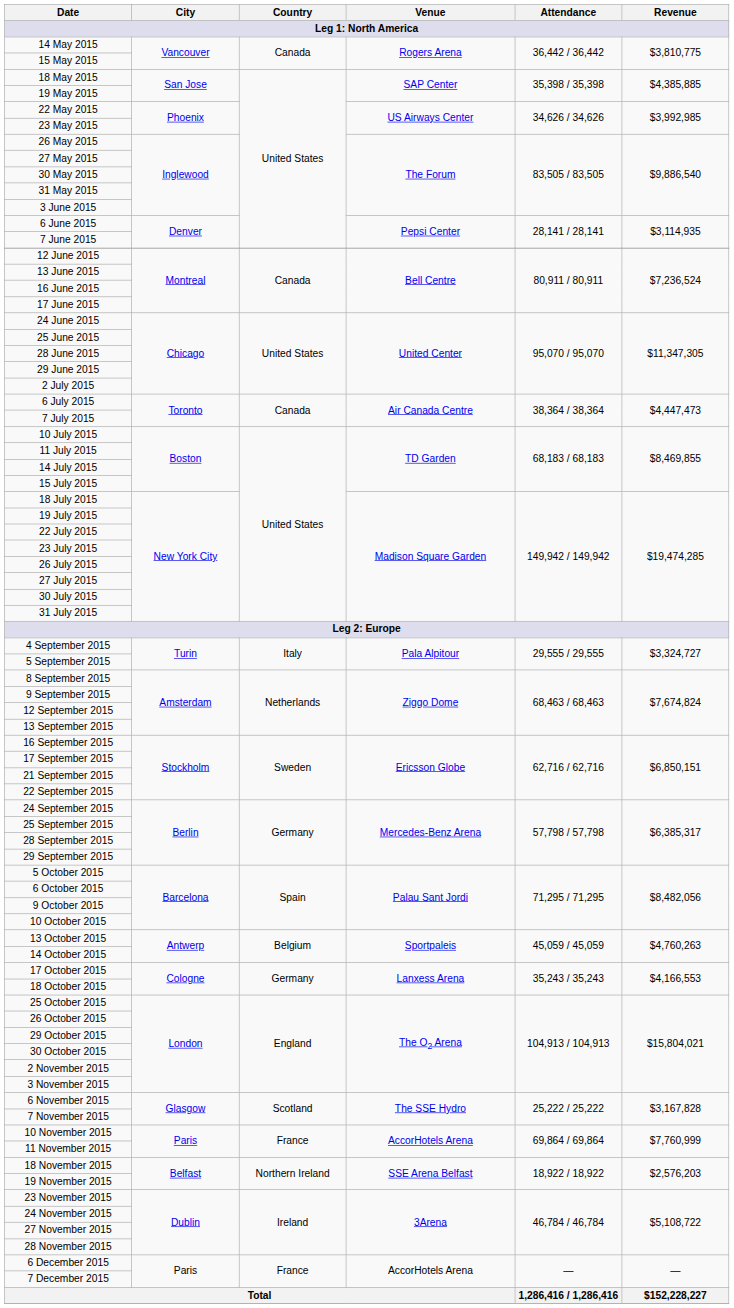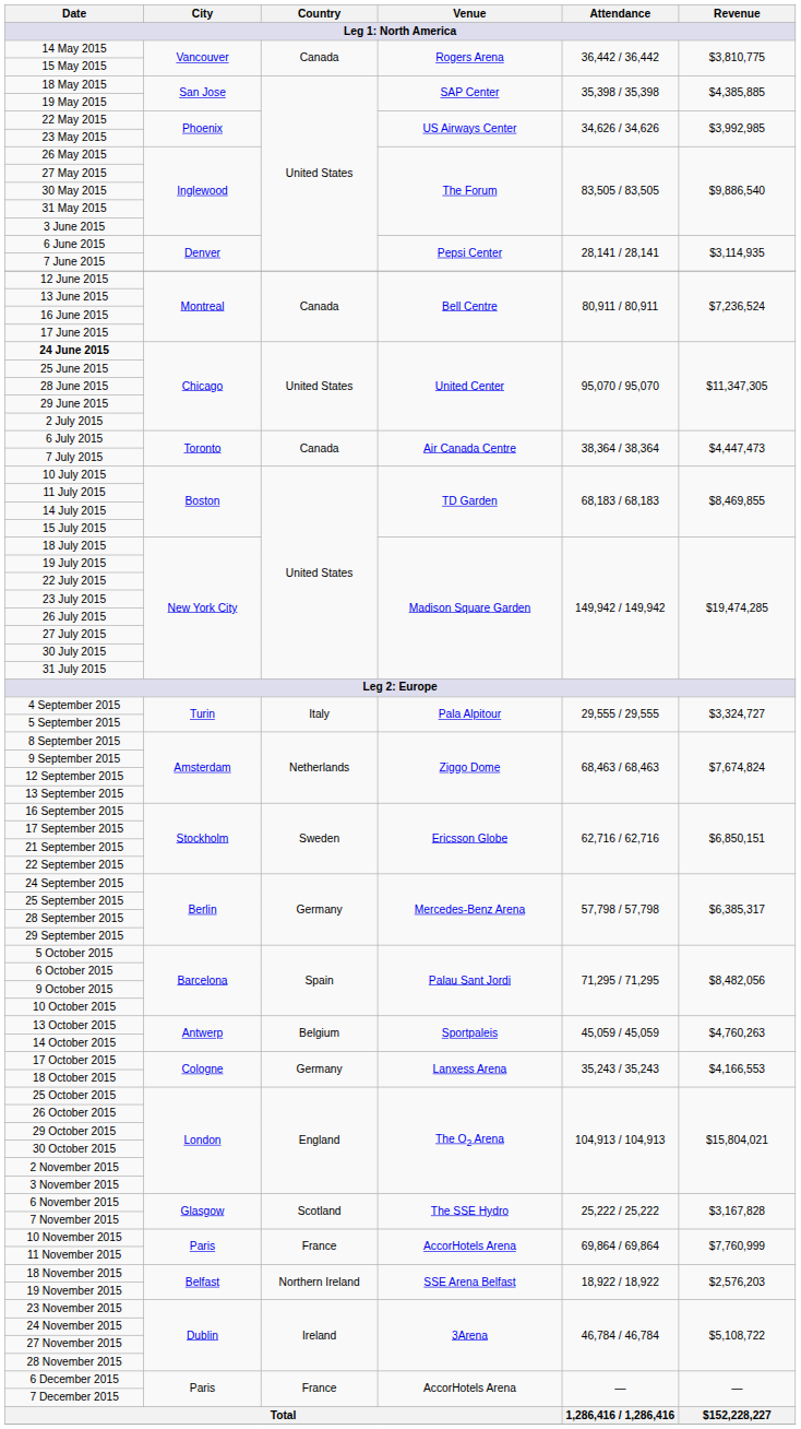 <table class="wikitable" style="text-align:center;">
 <tr>
 <th scope="col" style="width:12em;">Date</th>
 <th scope="col" style="width:10em;">City</th>
 <th scope="col" style="width:10em;">Country</th>
 <th scope="col" style="width:16em;">Venue</th>
 <th scope="col" style="width:10em;">Attendance</th>
 <th scope="col" style="width:10em;">Revenue</th>
 </tr>
 <tr>
 <th style="background:#dde;" colspan="6">Leg 1: North America</th>
 </tr>
 <tr>
 <td>14 May 2015</td>
 <td rowspan="2"><a href='#'>Vancouver</a></td>
 <td rowspan="2">Canada</td>
 <td rowspan="2"><a href='#'>Rogers Arena</a></td>
 <td rowspan="2">36,442 / 36,442</td>
 <td rowspan="2">$3,810,775</td>
 </tr>
 <tr>
 <td>15 May 2015</td>
 </tr>
 <tr>
 <td>18 May 2015</td>
 <td rowspan="2"><a href='#'>San Jose</a></td>
 <td rowspan="11">United States</td>
 <td rowspan="2"><a href='#'>SAP Center</a></td>
 <td rowspan="2">35,398 / 35,398</td>
 <td rowspan="2">$4,385,885</td>
 </tr>
 <tr>
 <td>19 May 2015</td>
 </tr>
 <tr>
 <td>22 May 2015</td>
 <td rowspan="2"><a href='#'>Phoenix</a></td>
 <td rowspan="2"><a href='#'>US Airways Center</a></td>
 <td rowspan="2">34,626 / 34,626</td>
 <td rowspan="2">$3,992,985</td>
 </tr>
 <tr>
 <td>23 May 2015</td>
 </tr>
 <tr>
 <td>26 May 2015</td>
 <td rowspan="5"><a href='#'>Inglewood</a></td>
 <td rowspan="5"><a href='#'>The Forum</a></td>
 <td rowspan="5">83,505 / 83,505</td>
 <td rowspan="5">$9,886,540</td>
 </tr>
 <tr>
 <td>27 May 2015</td>
 </tr>
 <tr>
 <td>30 May 2015</td>
 </tr>
 <tr>
 <td>31 May 2015</td>
 </tr>
 <tr>
 <td>3 June 2015</td>
 </tr>
 <tr>
 <td>6 June 2015</td>
 <td rowspan="2"><a href='#'>Denver</a></td>
 <td rowspan="2"><a href='#'>Pepsi Center</a></td>
 <td rowspan="2">28,141 / 28,141</td>
 <td rowspan="2">$3,114,935</td>
 </tr>
 <tr>
 <td>7 June 2015</td>
 </tr>
 <tr>
 </tr>
 <tr>
 <td>12 June 2015</td>
 <td rowspan="4"><a href='#'>Montreal</a></td>
 <td rowspan="4">Canada</td>
 <td rowspan="4"><a href='#'>Bell Centre</a></td>
 <td rowspan="4">80,911 / 80,911</td>
 <td rowspan="4">$7,236,524</td>
 </tr>
 <tr>
 <td>13 June 2015</td>
 </tr>
 <tr>
 <td>16 June 2015</td>
 </tr>
 <tr>
 <td>17 June 2015</td>
 </tr>
 <tr>
-<td>24 June 2015</td>
+<td><strong>24 June 2015</strong></td>
 <td rowspan="5"><a href='#'>Chicago</a></td>
 <td rowspan="5">United States</td>
 <td rowspan="5"><a href='#'>United Center</a></td>
 <td rowspan="5">95,070 / 95,070</td>
 <td rowspan="5">$11,347,305</td>
 </tr>
 <tr>
 <td>25 June 2015</td>
 </tr>
 <tr>
 <td>28 June 2015</td>
 </tr>
 <tr>
 <td>29 June 2015</td>
 </tr>
 <tr>
 <td>2 July 2015</td>
 </tr>
 <tr>
 <td>6 July 2015</td>
 <td rowspan="2"><a href='#'>Toronto</a></td>
 <td rowspan="2">Canada</td>
 <td rowspan="2"><a href='#'>Air Canada Centre</a></td>
 <td rowspan="2">38,364 / 38,364</td>
 <td rowspan="2">$4,447,473</td>
 </tr>
 <tr>
 <td>7 July 2015</td>
 </tr>
 <tr>
 <td>10 July 2015</td>
 <td rowspan="4"><a href='#'>Boston</a></td>
 <td rowspan="12">United States</td>
 <td rowspan="4"><a href='#'>TD Garden</a></td>
 <td rowspan="4">68,183 / 68,183</td>
 <td rowspan="4">$8,469,855</td>
 </tr>
 <tr>
 <td>11 July 2015</td>
 </tr>
 <tr>
 <td>14 July 2015</td>
 </tr>
 <tr>
 <td>15 July 2015</td>
 </tr>
 <tr>
 <td>18 July 2015</td>
 <td rowspan="8"><a href='#'>New York City</a></td>
 <td rowspan="8"><a href='#'>Madison Square Garden</a></td>
 <td rowspan="8">149,942 / 149,942</td>
 <td rowspan="8">$19,474,285</td>
 </tr>
 <tr>
 <td>19 July 2015</td>
 </tr>
 <tr>
 <td>22 July 2015</td>
 </tr>
 <tr>
 <td>23 July 2015</td>
 </tr>
 <tr>
 <td>26 July 2015</td>
 </tr>
 <tr>
 <td>27 July 2015</td>
 </tr>
 <tr>
 <td>30 July 2015</td>
 </tr>
 <tr>
 <td>31 July 2015</td>
 </tr>
 <tr>
 <th style="background:#dde;" colspan="6">Leg 2: Europe</th>
 </tr>
 <tr>
 <td>4 September 2015</td>
 <td rowspan="2"><a href='#'>Turin</a></td>
 <td rowspan="2">Italy</td>
 <td rowspan="2"><a href='#'>Pala Alpitour</a></td>
 <td rowspan="2">29,555 / 29,555</td>
 <td rowspan="2">$3,324,727</td>
 </tr>
 <tr>
 <td>5 September 2015</td>
 </tr>
 <tr>
 <td>8 September 2015</td>
 <td rowspan="4"><a href='#'>Amsterdam</a></td>
 <td rowspan="4">Netherlands</td>
 <td rowspan="4"><a href='#'>Ziggo Dome</a></td>
 <td rowspan="4">68,463 / 68,463</td>
 <td rowspan="4">$7,674,824</td>
 </tr>
 <tr>
 <td>9 September 2015</td>
 </tr>
 <tr>
 <td>12 September 2015</td>
 </tr>
 <tr>
 <td>13 September 2015</td>
 </tr>
 <tr>
 <td>16 September 2015</td>
 <td rowspan="4"><a href='#'>Stockholm</a></td>
 <td rowspan="4">Sweden</td>
 <td rowspan="4"><a href='#'>Ericsson Globe</a></td>
 <td rowspan="4">62,716 / 62,716</td>
 <td rowspan="4">$6,850,151</td>
 </tr>
 <tr>
 <td>17 September 2015</td>
 </tr>
 <tr>
 <td>21 September 2015</td>
 </tr>
 <tr>
 <td>22 September 2015</td>
 </tr>
 <tr>
 <td>24 September 2015</td>
 <td rowspan="4"><a href='#'>Berlin</a></td>
 <td rowspan="4">Germany</td>
 <td rowspan="4"><a href='#'>Mercedes-Benz Arena</a></td>
 <td rowspan="4">57,798 / 57,798</td>
 <td rowspan="4">$6,385,317</td>
 </tr>
 <tr>
 <td>25 September 2015</td>
 </tr>
 <tr>
 <td>28 September 2015</td>
 </tr>
 <tr>
 <td>29 September 2015</td>
 </tr>
 <tr>
 <td>5 October 2015</td>
 <td rowspan="4"><a href='#'>Barcelona</a></td>
 <td rowspan="4">Spain</td>
 <td rowspan="4"><a href='#'>Palau Sant Jordi</a></td>
 <td rowspan="4">71,295 / 71,295</td>
 <td rowspan="4">$8,482,056</td>
 </tr>
 <tr>
 <td>6 October 2015</td>
 </tr>
 <tr>
 <td>9 October 2015</td>
 </tr>
 <tr>
 <td>10 October 2015</td>
 </tr>
 <tr>
 <td>13 October 2015</td>
 <td rowspan="2"><a href='#'>Antwerp</a></td>
 <td rowspan="2">Belgium</td>
 <td rowspan="2"><a href='#'>Sportpaleis</a></td>
 <td rowspan="2">45,059 / 45,059</td>
 <td rowspan="2">$4,760,263</td>
 </tr>
 <tr>
 <td>14 October 2015</td>
 </tr>
 <tr>
 <td>17 October 2015</td>
 <td rowspan="2"><a href='#'>Cologne</a></td>
 <td rowspan="2">Germany</td>
 <td rowspan="2"><a href='#'>Lanxess Arena</a></td>
 <td rowspan="2">35,243 / 35,243</td>
 <td rowspan="2">$4,166,553</td>
 </tr>
 <tr>
 <td>18 October 2015</td>
 </tr>
 <tr>
 <td>25 October 2015</td>
 <td rowspan="6"><a href='#'>London</a></td>
 <td rowspan="6">England</td>
 <td rowspan="6"><a href='#'>The O<sub>2</sub> Arena</a></td>
 <td rowspan="6">104,913 / 104,913</td>
 <td rowspan="6">$15,804,021</td>
 </tr>
 <tr>
 <td>26 October 2015</td>
 </tr>
 <tr>
 <td>29 October 2015</td>
 </tr>
 <tr>
 <td>30 October 2015</td>
 </tr>
 <tr>
 <td>2 November 2015</td>
 </tr>
 <tr>
 <td>3 November 2015</td>
 </tr>
 <tr>
 <td>6 November 2015</td>
 <td rowspan="2"><a href='#'>Glasgow</a></td>
 <td rowspan="2">Scotland</td>
 <td rowspan="2"><a href='#'>The SSE Hydro</a></td>
 <td rowspan="2">25,222 / 25,222</td>
 <td rowspan="2">$3,167,828</td>
 </tr>
 <tr>
 <td>7 November 2015</td>
 </tr>
 <tr>
 <td>10 November 2015</td>
 <td rowspan="2"><a href='#'>Paris</a></td>
 <td rowspan="2">France</td>
 <td rowspan="2"><a href='#'>AccorHotels Arena</a></td>
 <td rowspan="2">69,864 / 69,864</td>
 <td rowspan="2">$7,760,999</td>
 </tr>
 <tr>
 <td>11 November 2015</td>
 </tr>
 <tr>
 <td>18 November 2015</td>
 <td rowspan="2"><a href='#'>Belfast</a></td>
 <td rowspan="2">Northern Ireland</td>
 <td rowspan="2"><a href='#'>SSE Arena Belfast</a></td>
 <td rowspan="2">18,922 / 18,922</td>
 <td rowspan="2">$2,576,203</td>
 </tr>
 <tr>
 <td>19 November 2015</td>
 </tr>
 <tr>
 <td>23 November 2015</td>
 <td rowspan="4"><a href='#'>Dublin</a></td>
 <td rowspan="4">Ireland</td>
 <td rowspan="4"><a href='#'>3Arena</a></td>
 <td rowspan="4">46,784 / 46,784</td>
 <td rowspan="4">$5,108,722</td>
 </tr>
 <tr>
 <td>24 November 2015</td>
 </tr>
 <tr>
 <td>27 November 2015</td>
 </tr>
 <tr>
 <td>28 November 2015</td>
 </tr>
 <tr>
 <td>6 December 2015</td>
 <td rowspan="2">Paris</td>
 <td rowspan="2">France</td>
 <td rowspan="2">AccorHotels Arena</td>
 <td rowspan="2">—</td>
 <td rowspan="2">—</td>
 </tr>
 <tr>
 <td>7 December 2015</td>
 </tr>
 <tr>
 <th colspan="4">Total</th>
 <th>1,286,416 / 1,286,416</th>
 <th>$152,228,227</th>
 </tr>
 <tr>
 </tr>
 </table>
